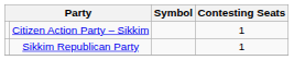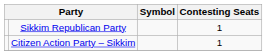 <table class="wikitable" style="text-align:center">
 <tr>
 <th colspan="2">Party</th>
 <th>Symbol</th>
 <th>Contesting Seats</th>
 </tr>
 <tr>
 <td></td>
-<td><a href='#'>Citizen Action Party – Sikkim</a></td>
+<td><a href='#'>Sikkim Republican Party</a></td>
 <td></td>
 <td>1</td>
 </tr>
 <tr>
 <td></td>
-<td><a href='#'>Sikkim Republican Party</a></td>
+<td><a href='#'>Citizen Action Party – Sikkim</a></td>
 <td></td>
 <td>1</td>
 </tr>
 <tr>
 </tr>
 </table>
